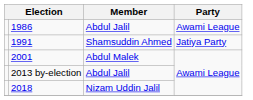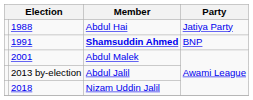 <table class="wikitable">
 <tr>
 <th colspan="2">Election</th>
 <th>Member</th>
 <th>Party</th>
 </tr>
 <tr>
 <td style="background-color:"></td>
-<td><a href='#'>1986</a></td>
-<td><a href='#'>Abdul Jalil</a></td>
-<td><a href='#'>Awami League</a></td>
+<td><a href='#'>1988</a></td>
+<td><a href='#'>Abdul Hai</a></td>
+<td><a href='#'>Jatiya Party</a></td>
 </tr>
 <tr>
 <td style="background-color:"></td>
 <td><a href='#'>1991</a></td>
-<td><a href='#'>Shamsuddin Ahmed</a></td>
-<td><a href='#'>Jatiya Party</a></td>
+<td><strong><a href='#'>Shamsuddin Ahmed</a></strong></td>
+<td><a href='#'>BNP</a></td>
 </tr>
 <tr>
 <td style="background-color:"></td>
 <td><a href='#'>2001</a></td>
 <td><a href='#'>Abdul Malek</a></td>
 <td rowspan="3"><a href='#'>Awami League</a></td>
 </tr>
 <tr>
 <td style="background-color:"></td>
 <td>2013 by-election</td>
 <td><a href='#'>Abdul Jalil</a></td>
 </tr>
 <tr>
 <td style="background-color:"></td>
 <td><a href='#'>2018</a></td>
 <td><a href='#'>Nizam Uddin Jalil</a></td>
 </tr>
 <tr>
 </tr>
 </table>
